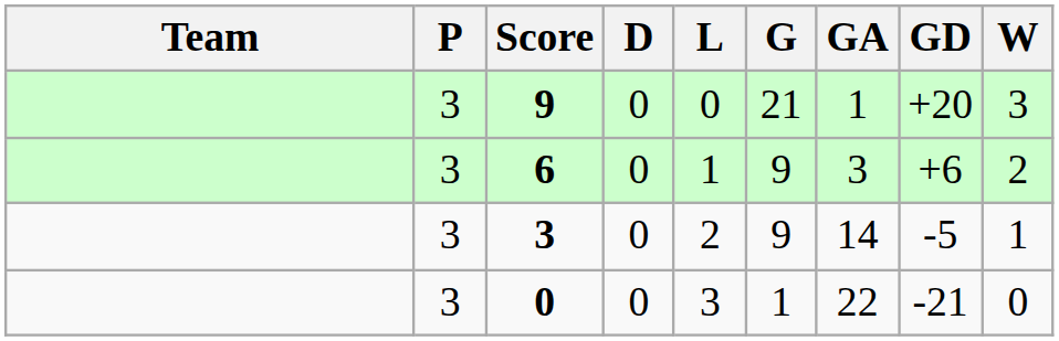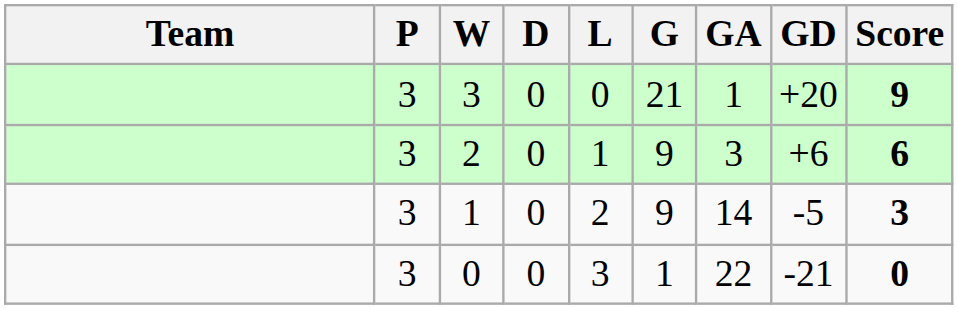 <table class="wikitable" style="text-align:center;">
 <tr>
 <th width=150>Team</th>
 <th width=20>P</th>
-<th width=20>Score</th>
+<th width=20>W</th>
 <th width=20>D</th>
 <th width=20>L</th>
 <th width=20>G</th>
 <th width=20>GA</th>
 <th width=20>GD</th>
-<th width=20>W</th>
+<th width=20>Score</th>
 </tr>
 <tr bgcolor="#ccffcc">
 <td align="left"></td>
 <td>3</td>
-<td><strong>9</strong></td>
+<td>3</td>
 <td>0</td>
 <td>0</td>
 <td>21</td>
 <td>1</td>
 <td>+20</td>
-<td>3</td>
+<td><strong>9</strong></td>
 </tr>
 <tr bgcolor="#ccffcc">
 <td align="left"></td>
 <td>3</td>
-<td><strong>6</strong></td>
+<td>2</td>
 <td>0</td>
 <td>1</td>
 <td>9</td>
 <td>3</td>
 <td>+6</td>
-<td>2</td>
+<td><strong>6</strong></td>
 </tr>
 <tr>
 <td align="left"></td>
 <td>3</td>
-<td><strong>3</strong></td>
+<td>1</td>
 <td>0</td>
 <td>2</td>
 <td>9</td>
 <td>14</td>
 <td>-5</td>
-<td>1</td>
+<td><strong>3</strong></td>
 </tr>
 <tr>
 <td align="left"></td>
 <td>3</td>
-<td><strong>0</strong></td>
+<td>0</td>
 <td>0</td>
 <td>3</td>
 <td>1</td>
 <td>22</td>
 <td>-21</td>
-<td>0</td>
+<td><strong>0</strong></td>
 </tr>
 </table>
